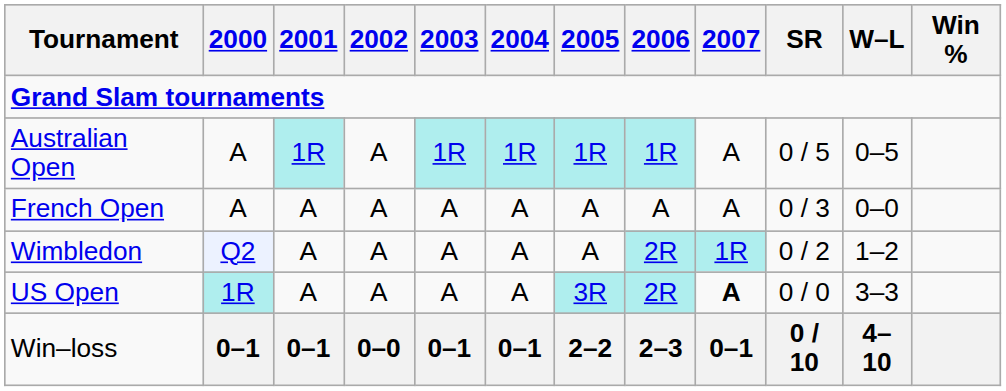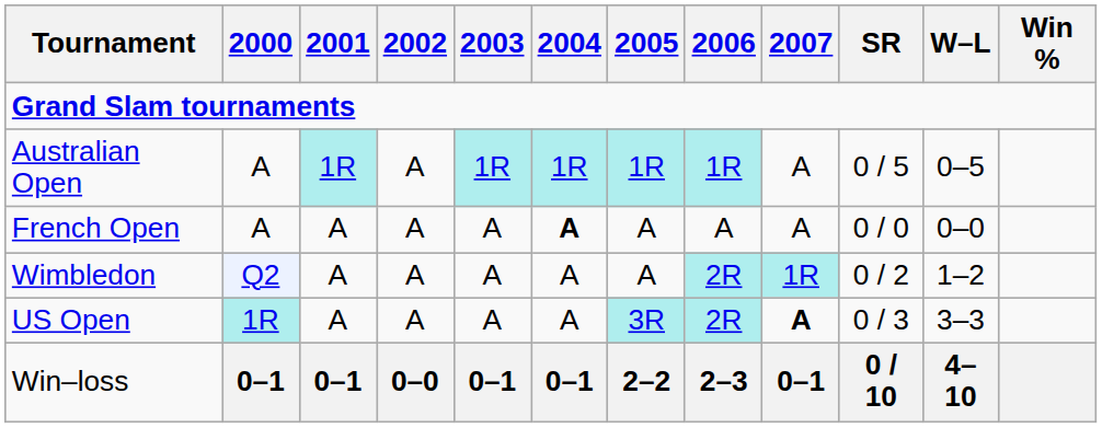 <table class=wikitable style=text-align:center>
 <tr>
 <th>Tournament</th>
 <th><a href='#'>2000</a></th>
 <th><a href='#'>2001</a></th>
 <th><a href='#'>2002</a></th>
 <th><a href='#'>2003</a></th>
 <th><a href='#'>2004</a></th>
 <th><a href='#'>2005</a></th>
 <th><a href='#'>2006</a></th>
 <th><a href='#'>2007</a></th>
 <th>SR</th>
 <th>W–L</th>
 <th>Win %</th>
 </tr>
 <tr>
 <td colspan=25 style=text-align:left><a href='#'><strong>Grand Slam tournaments</strong></a></td>
 </tr>
 <tr>
 <td align=left><a href='#'>Australian Open</a></td>
 <td>A</td>
 <td bgcolor=afeeee><a href='#'>1R</a></td>
 <td>A</td>
 <td bgcolor=afeeee><a href='#'>1R</a></td>
 <td bgcolor=afeeee><a href='#'>1R</a></td>
 <td bgcolor=afeeee><a href='#'>1R</a></td>
 <td bgcolor=afeeee><a href='#'>1R</a></td>
 <td>A</td>
 <td>0 / 5</td>
 <td>0–5</td>
 <td></td>
 </tr>
 <tr>
 <td align=left><a href='#'>French Open</a></td>
 <td>A</td>
 <td>A</td>
 <td>A</td>
 <td>A</td>
+<td><strong>A</strong></td>
 <td>A</td>
 <td>A</td>
 <td>A</td>
-<td>A</td>
-<td>0 / 3</td>
+<td>0 / 0</td>
 <td>0–0</td>
 <td></td>
 </tr>
 <tr>
 <td align=left><a href='#'>Wimbledon</a></td>
 <td bgcolor=ecf2ff><a href='#'>Q2</a></td>
 <td>A</td>
 <td>A</td>
 <td>A</td>
 <td>A</td>
 <td>A</td>
 <td bgcolor=afeeee><a href='#'>2R</a></td>
 <td bgcolor=afeeee><a href='#'>1R</a></td>
 <td>0 / 2</td>
 <td>1–2</td>
 <td></td>
 </tr>
 <tr>
 <td align=left><a href='#'>US Open</a></td>
 <td bgcolor=afeeee><a href='#'>1R</a></td>
 <td>A</td>
 <td>A</td>
 <td>A</td>
 <td>A</td>
 <td bgcolor=afeeee><a href='#'>3R</a></td>
 <td bgcolor=afeeee><a href='#'>2R</a></td>
 <td><strong>A</strong></td>
-<td>0 / 0</td>
+<td>0 / 3</td>
 <td>3–3</td>
 <td></td>
 </tr>
 <tr>
 <td style=text-align:left>Win–loss</td>
 <th>0–1</th>
 <th>0–1</th>
 <th>0–0</th>
 <th>0–1</th>
 <th>0–1</th>
 <th>2–2</th>
 <th>2–3</th>
 <th>0–1</th>
 <th>0 / 10</th>
 <th>4–10</th>
 <th></th>
 </tr>
 </table>
